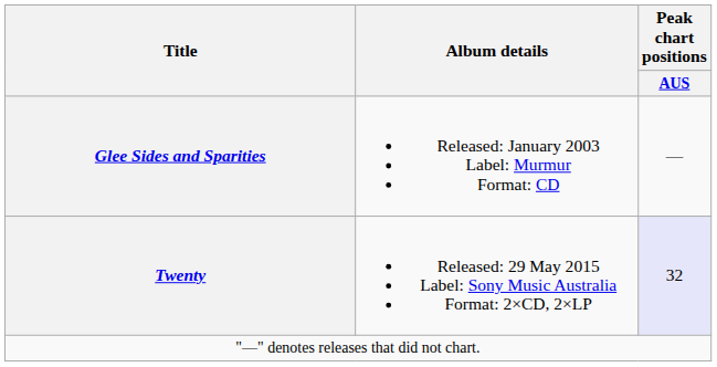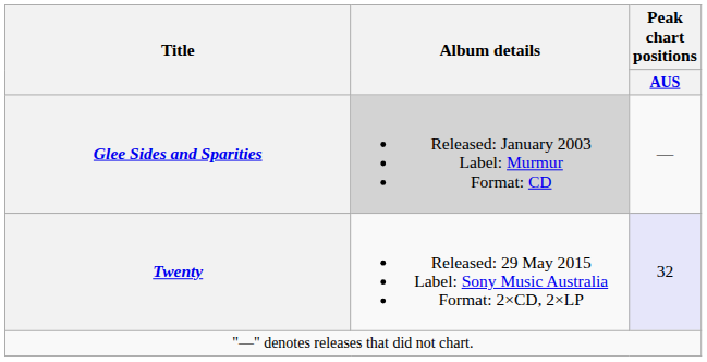 <table class="wikitable plainrowheaders" style="text-align:center;">
 <tr>
 <th scope="col" rowspan="2" style="width:20em;">Title</th>
 <th scope="col" rowspan="2" style="width:16em;">Album details</th>
 <th scope="col" colspan="1">Peak chart positions</th>
 </tr>
 <tr>
 <th scope="col" style="width:2.2em;font-size:90%;"><a href='#'>AUS</a><br></th>
 </tr>
 <tr>
 <th scope="row"><em><a href='#'>Glee Sides and Sparities</a></em></th>
-<td><br><ul><li>Released: January 2003</li><li>Label: <a href='#'>Murmur</a> </li><li>Format: <a href='#'>CD</a></li></ul></td>
+<td style="background: lightgrey;"><br><ul><li>Released: January 2003</li><li>Label: <a href='#'>Murmur</a> </li><li>Format: <a href='#'>CD</a></li></ul></td>
 <td>—</td>
 </tr>
 <tr>
 <th scope="row"><em><a href='#'>Twenty</a></em></th>
 <td><br><ul><li>Released: 29 May 2015</li><li>Label: <a href='#'>Sony Music Australia</a> </li><li>Format: 2×CD, 2×LP</li></ul></td>
 <td style="background: lavender;">32</td>
 </tr>
 <tr>
 <td colspan="4" style="font-size:90%">"—" denotes releases that did not chart.</td>
 </tr>
 </table>
